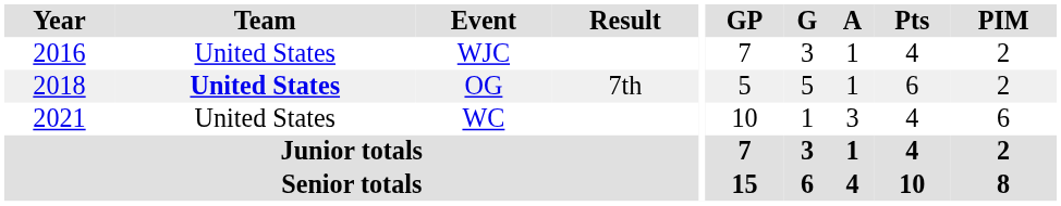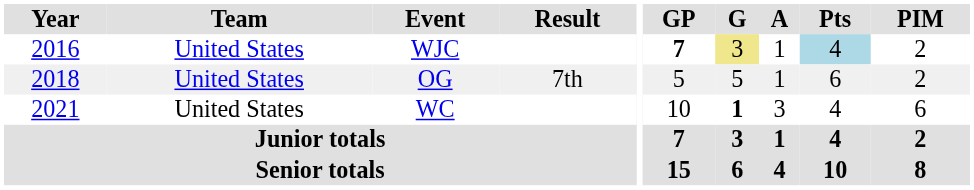 <table border="0" cellpadding="1" cellspacing="0" ID="Table3" style="text-align:center; width:40em">
 <tr ALIGN="center" bgcolor="#e0e0e0">
 <th>Year</th>
 <th>Team</th>
 <th>Event</th>
 <th>Result</th>
 <th rowspan="99" bgcolor="#ffffff"></th>
 <th>GP</th>
 <th>G</th>
 <th>A</th>
 <th>Pts</th>
 <th>PIM</th>
 </tr>
 <tr>
 <td><a href='#'>2016</a></td>
 <td><a href='#'>United States</a></td>
 <td><a href='#'>WJC</a></td>
 <td></td>
-<td>7</td>
-<td>3</td>
+<td><strong>7</strong></td>
+<td style="background: khaki;">3</td>
 <td>1</td>
-<td>4</td>
+<td style="background: lightblue;">4</td>
 <td>2</td>
 </tr>
 <tr bgcolor="#f0f0f0">
 <td><a href='#'>2018</a></td>
-<td><strong><a href='#'>United States</a></strong></td>
+<td><a href='#'>United States</a></td>
 <td><a href='#'>OG</a></td>
 <td>7th</td>
 <td>5</td>
 <td>5</td>
 <td>1</td>
 <td>6</td>
 <td>2</td>
 </tr>
 <tr>
 <td><a href='#'>2021</a></td>
 <td>United States</td>
 <td><a href='#'>WC</a></td>
 <td></td>
 <td>10</td>
-<td>1</td>
+<td><strong>1</strong></td>
 <td>3</td>
 <td>4</td>
 <td>6</td>
 </tr>
 <tr bgcolor="#e0e0e0">
 <th colspan="4">Junior totals</th>
 <th>7</th>
 <th>3</th>
 <th>1</th>
 <th>4</th>
 <th>2</th>
 </tr>
 <tr bgcolor="#e0e0e0">
 <th colspan="4">Senior totals</th>
 <th>15</th>
 <th>6</th>
 <th>4</th>
 <th>10</th>
 <th>8</th>
 </tr>
 </table>
